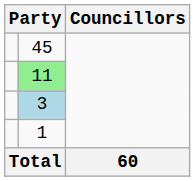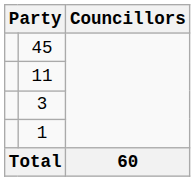 <table class="wikitable">
 <tr>
 <th colspan=2>Party</th>
 <th>Councillors</th>
 </tr>
 <tr>
 <td></td>
 <td align=center>45</td>
 </tr>
 <tr>
 <td></td>
-<td align=center style="background: lightgreen;">11</td>
+<td align=center>11</td>
 </tr>
 <tr>
 <td></td>
-<td align=center style="background: lightblue;">3</td>
+<td align=center>3</td>
 </tr>
 <tr>
 <td></td>
 <td align=center>1</td>
 </tr>
 <tr>
 <th colspan=2>Total</th>
 <th align=center>60</th>
 </tr>
 </table>
